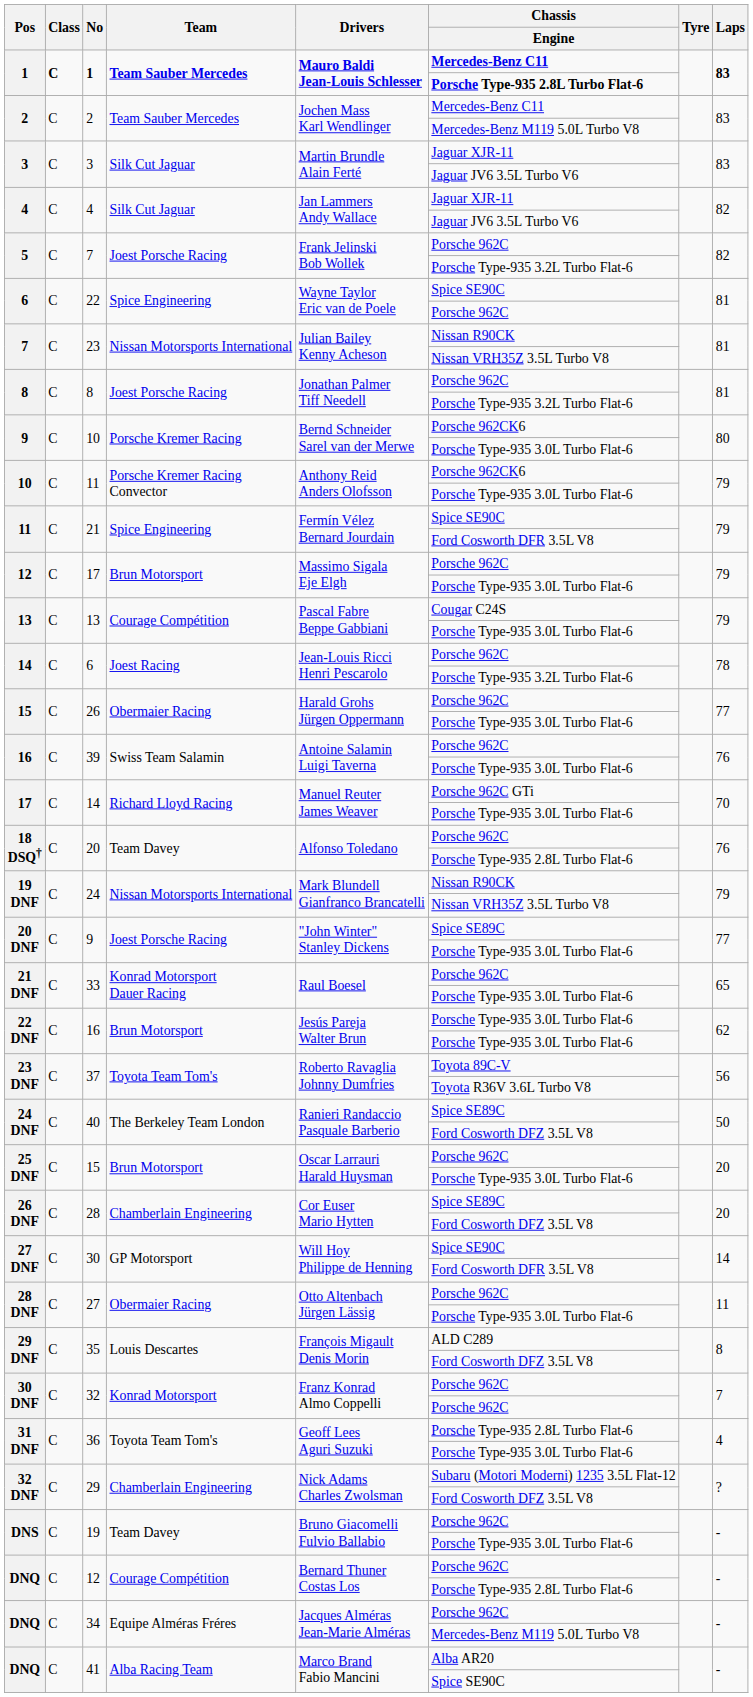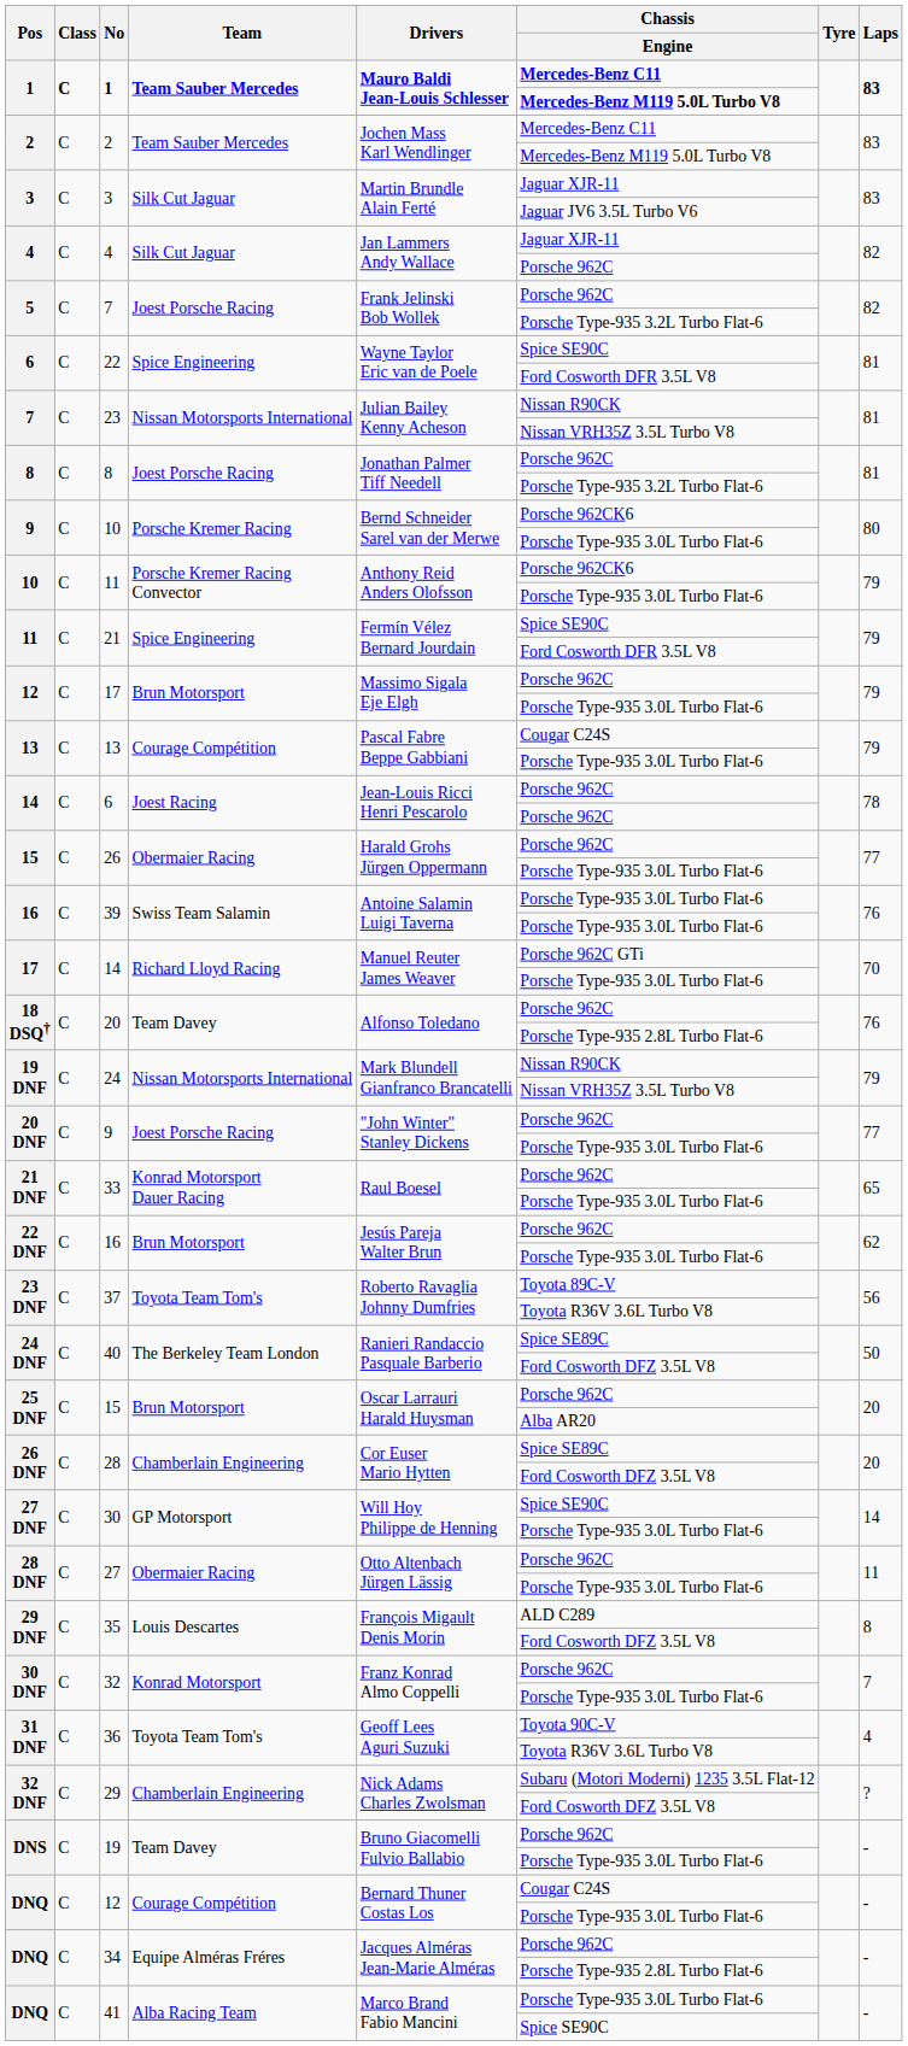 <table class="wikitable" style="font-size: 95%;">
 <tr>
 <th rowspan=2>Pos</th>
 <th rowspan=2>Class</th>
 <th rowspan=2>No</th>
 <th rowspan=2>Team</th>
 <th rowspan=2>Drivers</th>
 <th>Chassis</th>
 <th rowspan=2>Tyre</th>
 <th rowspan=2>Laps</th>
 </tr>
 <tr>
 <th>Engine</th>
 </tr>
 <tr style="font-weight:bold">
 <th rowspan=2>1</th>
 <td rowspan=2>C</td>
 <td rowspan=2>1</td>
 <td rowspan=2> <a href='#'>Team Sauber Mercedes</a></td>
 <td rowspan=2> <a href='#'>Mauro Baldi</a><br> <a href='#'>Jean-Louis Schlesser</a></td>
 <td><a href='#'>Mercedes-Benz C11</a></td>
 <td rowspan=2></td>
 <td rowspan=2>83</td>
 </tr>
 <tr style="font-weight:bold">
-<td><a href='#'>Porsche</a> Type-935 2.8L Turbo Flat-6</td>
+<td><a href='#'>Mercedes-Benz M119</a> 5.0L Turbo V8</td>
 </tr>
 <tr>
 <th rowspan=2>2</th>
 <td rowspan=2>C</td>
 <td rowspan=2>2</td>
 <td rowspan=2> <a href='#'>Team Sauber Mercedes</a></td>
 <td rowspan=2> <a href='#'>Jochen Mass</a><br> <a href='#'>Karl Wendlinger</a></td>
 <td><a href='#'>Mercedes-Benz C11</a></td>
 <td rowspan=2></td>
 <td rowspan=2>83</td>
 </tr>
 <tr>
 <td><a href='#'>Mercedes-Benz M119</a> 5.0L Turbo V8</td>
 </tr>
 <tr>
 <th rowspan=2>3</th>
 <td rowspan=2>C</td>
 <td rowspan=2>3</td>
 <td rowspan=2> <a href='#'>Silk Cut Jaguar</a></td>
 <td rowspan=2> <a href='#'>Martin Brundle</a><br> <a href='#'>Alain Ferté</a></td>
 <td><a href='#'>Jaguar XJR-11</a></td>
 <td rowspan=2></td>
 <td rowspan=2>83</td>
 </tr>
 <tr>
 <td><a href='#'>Jaguar</a> JV6 3.5L Turbo V6</td>
 </tr>
 <tr>
 <th rowspan=2>4</th>
 <td rowspan=2>C</td>
 <td rowspan=2>4</td>
 <td rowspan=2> <a href='#'>Silk Cut Jaguar</a></td>
 <td rowspan=2> <a href='#'>Jan Lammers</a><br> <a href='#'>Andy Wallace</a></td>
 <td><a href='#'>Jaguar XJR-11</a></td>
 <td rowspan=2></td>
 <td rowspan=2>82</td>
 </tr>
 <tr>
-<td><a href='#'>Jaguar</a> JV6 3.5L Turbo V6</td>
+<td><a href='#'>Porsche 962C</a></td>
 </tr>
 <tr>
 <th rowspan=2>5</th>
 <td rowspan=2>C</td>
 <td rowspan=2>7</td>
 <td rowspan=2> <a href='#'>Joest Porsche Racing</a></td>
 <td rowspan=2> <a href='#'>Frank Jelinski</a><br> <a href='#'>Bob Wollek</a></td>
 <td><a href='#'>Porsche 962C</a></td>
 <td rowspan=2></td>
 <td rowspan=2>82</td>
 </tr>
 <tr>
 <td><a href='#'>Porsche</a> Type-935 3.2L Turbo Flat-6</td>
 </tr>
 <tr>
 <th rowspan=2>6</th>
 <td rowspan=2>C</td>
 <td rowspan=2>22</td>
 <td rowspan=2> <a href='#'>Spice Engineering</a></td>
 <td rowspan=2> <a href='#'>Wayne Taylor</a><br> <a href='#'>Eric van de Poele</a></td>
 <td><a href='#'>Spice SE90C</a></td>
 <td rowspan=2></td>
 <td rowspan=2>81</td>
 </tr>
 <tr>
-<td><a href='#'>Porsche 962C</a></td>
+<td><a href='#'>Ford Cosworth DFR</a> 3.5L V8</td>
 </tr>
 <tr>
 <th rowspan=2>7</th>
 <td rowspan=2>C</td>
 <td rowspan=2>23</td>
 <td rowspan=2> <a href='#'>Nissan Motorsports International</a></td>
 <td rowspan=2> <a href='#'>Julian Bailey</a><br> <a href='#'>Kenny Acheson</a></td>
 <td><a href='#'>Nissan R90CK</a></td>
 <td rowspan=2></td>
 <td rowspan=2>81</td>
 </tr>
 <tr>
 <td><a href='#'>Nissan VRH35Z</a> 3.5L Turbo V8</td>
 </tr>
 <tr>
 <th rowspan=2>8</th>
 <td rowspan=2>C</td>
 <td rowspan=2>8</td>
 <td rowspan=2> <a href='#'>Joest Porsche Racing</a></td>
 <td rowspan=2> <a href='#'>Jonathan Palmer</a><br> <a href='#'>Tiff Needell</a></td>
 <td><a href='#'>Porsche 962C</a></td>
 <td rowspan=2></td>
 <td rowspan=2>81</td>
 </tr>
 <tr>
 <td><a href='#'>Porsche</a> Type-935 3.2L Turbo Flat-6</td>
 </tr>
 <tr>
 <th rowspan=2>9</th>
 <td rowspan=2>C</td>
 <td rowspan=2>10</td>
 <td rowspan=2> <a href='#'>Porsche Kremer Racing</a></td>
 <td rowspan=2> <a href='#'>Bernd Schneider</a><br> <a href='#'>Sarel van der Merwe</a></td>
 <td><a href='#'>Porsche 962CK</a>6</td>
 <td rowspan=2></td>
 <td rowspan=2>80</td>
 </tr>
 <tr>
 <td><a href='#'>Porsche</a> Type-935 3.0L Turbo Flat-6</td>
 </tr>
 <tr>
 <th rowspan=2>10</th>
 <td rowspan=2>C</td>
 <td rowspan=2>11</td>
 <td rowspan=2> <a href='#'>Porsche Kremer Racing</a><br> Convector</td>
 <td rowspan=2> <a href='#'>Anthony Reid</a><br> <a href='#'>Anders Olofsson</a></td>
 <td><a href='#'>Porsche 962CK</a>6</td>
 <td rowspan=2></td>
 <td rowspan=2>79</td>
 </tr>
 <tr>
 <td><a href='#'>Porsche</a> Type-935 3.0L Turbo Flat-6</td>
 </tr>
 <tr>
 <th rowspan=2>11</th>
 <td rowspan=2>C</td>
 <td rowspan=2>21</td>
 <td rowspan=2> <a href='#'>Spice Engineering</a></td>
 <td rowspan=2> <a href='#'>Fermín Vélez</a><br> <a href='#'>Bernard Jourdain</a></td>
 <td><a href='#'>Spice SE90C</a></td>
 <td rowspan=2></td>
 <td rowspan=2>79</td>
 </tr>
 <tr>
 <td><a href='#'>Ford Cosworth DFR</a> 3.5L V8</td>
 </tr>
 <tr>
 <th rowspan=2>12</th>
 <td rowspan=2>C</td>
 <td rowspan=2>17</td>
 <td rowspan=2> <a href='#'>Brun Motorsport</a></td>
 <td rowspan=2> <a href='#'>Massimo Sigala</a><br> <a href='#'>Eje Elgh</a></td>
 <td><a href='#'>Porsche 962C</a></td>
 <td rowspan=2></td>
 <td rowspan=2>79</td>
 </tr>
 <tr>
 <td><a href='#'>Porsche</a> Type-935 3.0L Turbo Flat-6</td>
 </tr>
 <tr>
 <th rowspan=2>13</th>
 <td rowspan=2>C</td>
 <td rowspan=2>13</td>
 <td rowspan=2> <a href='#'>Courage Compétition</a></td>
 <td rowspan=2> <a href='#'>Pascal Fabre</a><br> <a href='#'>Beppe Gabbiani</a></td>
 <td><a href='#'>Cougar</a> C24S</td>
 <td rowspan=2></td>
 <td rowspan=2>79</td>
 </tr>
 <tr>
 <td><a href='#'>Porsche</a> Type-935 3.0L Turbo Flat-6</td>
 </tr>
 <tr>
 <th rowspan=2>14</th>
 <td rowspan=2>C</td>
 <td rowspan=2>6</td>
 <td rowspan=2> <a href='#'>Joest Racing</a></td>
 <td rowspan=2> <a href='#'>Jean-Louis Ricci</a><br> <a href='#'>Henri Pescarolo</a></td>
 <td><a href='#'>Porsche 962C</a></td>
 <td rowspan=2></td>
 <td rowspan=2>78</td>
 </tr>
 <tr>
-<td><a href='#'>Porsche</a> Type-935 3.2L Turbo Flat-6</td>
+<td><a href='#'>Porsche 962C</a></td>
 </tr>
 <tr>
 <th rowspan=2>15</th>
 <td rowspan=2>C</td>
 <td rowspan=2>26</td>
 <td rowspan=2> <a href='#'>Obermaier Racing</a></td>
 <td rowspan=2> <a href='#'>Harald Grohs</a><br> <a href='#'>Jürgen Oppermann</a></td>
 <td><a href='#'>Porsche 962C</a></td>
 <td rowspan=2></td>
 <td rowspan=2>77</td>
 </tr>
 <tr>
 <td><a href='#'>Porsche</a> Type-935 3.0L Turbo Flat-6</td>
 </tr>
 <tr>
 <th rowspan=2>16</th>
 <td rowspan=2>C</td>
 <td rowspan=2>39</td>
 <td rowspan=2> Swiss Team Salamin</td>
 <td rowspan=2> <a href='#'>Antoine Salamin</a><br> <a href='#'>Luigi Taverna</a></td>
-<td><a href='#'>Porsche 962C</a></td>
+<td><a href='#'>Porsche</a> Type-935 3.0L Turbo Flat-6</td>
 <td rowspan=2></td>
 <td rowspan=2>76</td>
 </tr>
 <tr>
 <td><a href='#'>Porsche</a> Type-935 3.0L Turbo Flat-6</td>
 </tr>
 <tr>
 <th rowspan=2>17</th>
 <td rowspan=2>C</td>
 <td rowspan=2>14</td>
 <td rowspan=2> <a href='#'>Richard Lloyd Racing</a></td>
 <td rowspan=2> <a href='#'>Manuel Reuter</a><br> <a href='#'>James Weaver</a></td>
 <td><a href='#'>Porsche 962C</a> GTi</td>
 <td rowspan=2></td>
 <td rowspan=2>70</td>
 </tr>
 <tr>
 <td><a href='#'>Porsche</a> Type-935 3.0L Turbo Flat-6</td>
 </tr>
 <tr>
 <th rowspan=2>18<br>DSQ<sup>†</sup></th>
 <td rowspan=2>C</td>
 <td rowspan=2>20</td>
 <td rowspan=2> Team Davey</td>
 <td rowspan=2> <a href='#'>Alfonso Toledano</a></td>
 <td><a href='#'>Porsche 962C</a></td>
 <td rowspan=2></td>
 <td rowspan=2>76</td>
 </tr>
 <tr>
 <td><a href='#'>Porsche</a> Type-935 2.8L Turbo Flat-6</td>
 </tr>
 <tr>
 <th rowspan=2>19<br>DNF</th>
 <td rowspan=2>C</td>
 <td rowspan=2>24</td>
 <td rowspan=2> <a href='#'>Nissan Motorsports International</a></td>
 <td rowspan=2> <a href='#'>Mark Blundell</a><br> <a href='#'>Gianfranco Brancatelli</a></td>
 <td><a href='#'>Nissan R90CK</a></td>
 <td rowspan=2></td>
 <td rowspan=2>79</td>
 </tr>
 <tr>
 <td><a href='#'>Nissan VRH35Z</a> 3.5L Turbo V8</td>
 </tr>
 <tr>
 <th rowspan=2>20<br>DNF</th>
 <td rowspan=2>C</td>
 <td rowspan=2>9</td>
 <td rowspan=2> <a href='#'>Joest Porsche Racing</a></td>
 <td rowspan=2> <a href='#'>"John Winter"</a><br> <a href='#'>Stanley Dickens</a></td>
-<td><a href='#'>Spice SE89C</a></td>
+<td><a href='#'>Porsche 962C</a></td>
 <td rowspan=2></td>
 <td rowspan=2>77</td>
 </tr>
 <tr>
 <td><a href='#'>Porsche</a> Type-935 3.0L Turbo Flat-6</td>
 </tr>
 <tr>
 <th rowspan=2>21<br>DNF</th>
 <td rowspan=2>C</td>
 <td rowspan=2>33</td>
 <td rowspan=2> <a href='#'>Konrad Motorsport</a><br> <a href='#'>Dauer Racing</a></td>
 <td rowspan=2> <a href='#'>Raul Boesel</a></td>
 <td><a href='#'>Porsche 962C</a></td>
 <td rowspan=2></td>
 <td rowspan=2>65</td>
 </tr>
 <tr>
 <td><a href='#'>Porsche</a> Type-935 3.0L Turbo Flat-6</td>
 </tr>
 <tr>
 <th rowspan=2>22<br>DNF</th>
 <td rowspan=2>C</td>
 <td rowspan=2>16</td>
 <td rowspan=2> <a href='#'>Brun Motorsport</a></td>
 <td rowspan=2> <a href='#'>Jesús Pareja</a><br> <a href='#'>Walter Brun</a></td>
-<td><a href='#'>Porsche</a> Type-935 3.0L Turbo Flat-6</td>
+<td><a href='#'>Porsche 962C</a></td>
 <td rowspan=2></td>
 <td rowspan=2>62</td>
 </tr>
 <tr>
 <td><a href='#'>Porsche</a> Type-935 3.0L Turbo Flat-6</td>
 </tr>
 <tr>
 <th rowspan=2>23<br>DNF</th>
 <td rowspan=2>C</td>
 <td rowspan=2>37</td>
 <td rowspan=2> <a href='#'>Toyota Team Tom's</a></td>
 <td rowspan=2> <a href='#'>Roberto Ravaglia</a><br> <a href='#'>Johnny Dumfries</a></td>
 <td><a href='#'>Toyota 89C-V</a></td>
 <td rowspan=2></td>
 <td rowspan=2>56</td>
 </tr>
 <tr>
 <td><a href='#'>Toyota</a> R36V 3.6L Turbo V8</td>
 </tr>
 <tr>
 <th rowspan=2>24<br>DNF</th>
 <td rowspan=2>C</td>
 <td rowspan=2>40</td>
 <td rowspan=2> The Berkeley Team London</td>
 <td rowspan=2> <a href='#'>Ranieri Randaccio</a><br> <a href='#'>Pasquale Barberio</a></td>
 <td><a href='#'>Spice SE89C</a></td>
 <td rowspan=2></td>
 <td rowspan=2>50</td>
 </tr>
 <tr>
 <td><a href='#'>Ford Cosworth DFZ</a> 3.5L V8</td>
 </tr>
 <tr>
 <th rowspan=2>25<br>DNF</th>
 <td rowspan=2>C</td>
 <td rowspan=2>15</td>
 <td rowspan=2> <a href='#'>Brun Motorsport</a></td>
 <td rowspan=2> <a href='#'>Oscar Larrauri</a><br> <a href='#'>Harald Huysman</a></td>
 <td><a href='#'>Porsche 962C</a></td>
 <td rowspan=2></td>
 <td rowspan=2>20</td>
 </tr>
 <tr>
-<td><a href='#'>Porsche</a> Type-935 3.0L Turbo Flat-6</td>
+<td><a href='#'>Alba</a> AR20</td>
 </tr>
 <tr>
 <th rowspan=2>26<br>DNF</th>
 <td rowspan=2>C</td>
 <td rowspan=2>28</td>
 <td rowspan=2> <a href='#'>Chamberlain Engineering</a></td>
 <td rowspan=2> <a href='#'>Cor Euser</a><br> <a href='#'>Mario Hytten</a></td>
 <td><a href='#'>Spice SE89C</a></td>
 <td rowspan=2></td>
 <td rowspan=2>20</td>
 </tr>
 <tr>
 <td><a href='#'>Ford Cosworth DFZ</a> 3.5L V8</td>
 </tr>
 <tr>
 <th rowspan=2>27<br>DNF</th>
 <td rowspan=2>C</td>
 <td rowspan=2>30</td>
 <td rowspan=2> GP Motorsport</td>
 <td rowspan=2> <a href='#'>Will Hoy</a><br> <a href='#'>Philippe de Henning</a></td>
 <td><a href='#'>Spice SE90C</a></td>
 <td rowspan=2></td>
 <td rowspan=2>14</td>
 </tr>
 <tr>
-<td><a href='#'>Ford Cosworth DFR</a> 3.5L V8</td>
+<td><a href='#'>Porsche</a> Type-935 3.0L Turbo Flat-6</td>
 </tr>
 <tr>
 <th rowspan=2>28<br>DNF</th>
 <td rowspan=2>C</td>
 <td rowspan=2>27</td>
 <td rowspan=2> <a href='#'>Obermaier Racing</a></td>
 <td rowspan=2> <a href='#'>Otto Altenbach</a><br> <a href='#'>Jürgen Lässig</a></td>
 <td><a href='#'>Porsche 962C</a></td>
 <td rowspan=2></td>
 <td rowspan=2>11</td>
 </tr>
 <tr>
 <td><a href='#'>Porsche</a> Type-935 3.0L Turbo Flat-6</td>
 </tr>
 <tr>
 <th rowspan=2>29<br>DNF</th>
 <td rowspan=2>C</td>
 <td rowspan=2>35</td>
 <td rowspan=2> Louis Descartes</td>
 <td rowspan=2> <a href='#'>François Migault</a><br> <a href='#'>Denis Morin</a></td>
 <td>ALD C289</td>
 <td rowspan=2></td>
 <td rowspan=2>8</td>
 </tr>
 <tr>
 <td><a href='#'>Ford Cosworth DFZ</a> 3.5L V8</td>
 </tr>
 <tr>
 <th rowspan=2>30<br>DNF</th>
 <td rowspan=2>C</td>
 <td rowspan=2>32</td>
 <td rowspan=2> <a href='#'>Konrad Motorsport</a></td>
 <td rowspan=2> <a href='#'>Franz Konrad</a><br> Almo Coppelli</td>
 <td><a href='#'>Porsche 962C</a></td>
 <td rowspan=2></td>
 <td rowspan=2>7</td>
 </tr>
 <tr>
-<td><a href='#'>Porsche 962C</a></td>
+<td><a href='#'>Porsche</a> Type-935 3.0L Turbo Flat-6</td>
 </tr>
 <tr>
 <th rowspan=2>31<br>DNF</th>
 <td rowspan=2>C</td>
 <td rowspan=2>36</td>
 <td rowspan=2> Toyota Team Tom's</td>
 <td rowspan=2> <a href='#'>Geoff Lees</a><br> <a href='#'>Aguri Suzuki</a></td>
-<td><a href='#'>Porsche</a> Type-935 2.8L Turbo Flat-6</td>
+<td><a href='#'>Toyota 90C-V</a></td>
 <td rowspan=2></td>
 <td rowspan=2>4</td>
 </tr>
 <tr>
-<td><a href='#'>Porsche</a> Type-935 3.0L Turbo Flat-6</td>
+<td><a href='#'>Toyota</a> R36V 3.6L Turbo V8</td>
 </tr>
 <tr>
 <th rowspan=2>32<br>DNF</th>
 <td rowspan=2>C</td>
 <td rowspan=2>29</td>
 <td rowspan=2> <a href='#'>Chamberlain Engineering</a></td>
 <td rowspan=2> <a href='#'>Nick Adams</a><br> <a href='#'>Charles Zwolsman</a></td>
 <td><a href='#'>Subaru</a> (<a href='#'>Motori Moderni</a>) <a href='#'>1235</a> 3.5L Flat-12</td>
 <td rowspan=2></td>
 <td rowspan=2>?</td>
 </tr>
 <tr>
 <td><a href='#'>Ford Cosworth DFZ</a> 3.5L V8</td>
 </tr>
 <tr>
 <th rowspan=2>DNS</th>
 <td rowspan=2>C</td>
 <td rowspan=2>19</td>
 <td rowspan=2> Team Davey</td>
 <td rowspan=2> <a href='#'>Bruno Giacomelli</a><br> <a href='#'>Fulvio Ballabio</a></td>
 <td><a href='#'>Porsche 962C</a></td>
 <td rowspan=2></td>
 <td rowspan=2>-</td>
 </tr>
 <tr>
 <td><a href='#'>Porsche</a> Type-935 3.0L Turbo Flat-6</td>
 </tr>
 <tr>
 <th rowspan=2>DNQ</th>
 <td rowspan=2>C</td>
 <td rowspan=2>12</td>
 <td rowspan=2> <a href='#'>Courage Compétition</a></td>
 <td rowspan=2> <a href='#'>Bernard Thuner</a><br> <a href='#'>Costas Los</a></td>
-<td><a href='#'>Porsche 962C</a></td>
+<td><a href='#'>Cougar</a> C24S</td>
 <td rowspan=2></td>
 <td rowspan=2>-</td>
 </tr>
 <tr>
-<td><a href='#'>Porsche</a> Type-935 2.8L Turbo Flat-6</td>
+<td><a href='#'>Porsche</a> Type-935 3.0L Turbo Flat-6</td>
 </tr>
 <tr>
 <th rowspan=2>DNQ</th>
 <td rowspan=2>C</td>
 <td rowspan=2>34</td>
 <td rowspan=2> Equipe Alméras Fréres</td>
 <td rowspan=2> <a href='#'>Jacques Alméras</a><br> <a href='#'>Jean-Marie Alméras</a></td>
 <td><a href='#'>Porsche 962C</a></td>
 <td rowspan=2></td>
 <td rowspan=2>-</td>
 </tr>
 <tr>
-<td><a href='#'>Mercedes-Benz M119</a> 5.0L Turbo V8</td>
+<td><a href='#'>Porsche</a> Type-935 2.8L Turbo Flat-6</td>
 </tr>
 <tr>
 <th rowspan=2>DNQ</th>
 <td rowspan=2>C</td>
 <td rowspan=2>41</td>
 <td rowspan=2> <a href='#'>Alba Racing Team</a></td>
 <td rowspan=2> <a href='#'>Marco Brand</a><br> Fabio Mancini</td>
-<td><a href='#'>Alba</a> AR20</td>
+<td><a href='#'>Porsche</a> Type-935 3.0L Turbo Flat-6</td>
 <td rowspan=2></td>
 <td rowspan=2>-</td>
 </tr>
 <tr>
 <td><a href='#'>Spice</a> SE90C</td>
 </tr>
 </table>
